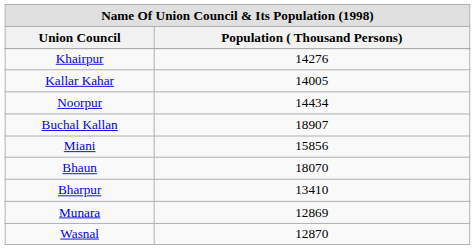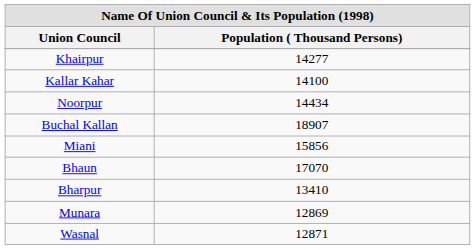 <table class="wikitable" style="margin:auto; font-size:90%; align:center; text-align:center; width:40%">
 <tr>
 <td colspan="12" bgcolor="#E0E0E0"><strong>Name Of Union Council & Its Population (1998)</strong></td>
 </tr>
 <tr>
 <th>Union Council</th>
 <th>Population ( Thousand Persons)</th>
 </tr>
 <tr>
 </tr>
 <tr>
 <td><a href='#'>Khairpur</a></td>
-<td>14276</td>
+<td>14277</td>
 </tr>
 <tr>
 <td><a href='#'>Kallar Kahar</a></td>
-<td>14005</td>
+<td>14100</td>
 </tr>
 <tr>
 <td><a href='#'>Noorpur</a></td>
 <td>14434</td>
 </tr>
 <tr>
 <td><a href='#'>Buchal Kallan</a></td>
 <td>18907</td>
 </tr>
 <tr>
 <td><a href='#'>Miani</a></td>
 <td>15856</td>
 </tr>
 <tr>
 <td><a href='#'>Bhaun</a></td>
-<td>18070</td>
+<td>17070</td>
 </tr>
 <tr>
 <td><a href='#'>Bharpur</a></td>
 <td>13410</td>
 </tr>
 <tr>
 <td><a href='#'>Munara</a></td>
 <td>12869</td>
 </tr>
 <tr>
 <td><a href='#'>Wasnal</a></td>
-<td>12870</td>
+<td>12871</td>
 </tr>
 </table>
